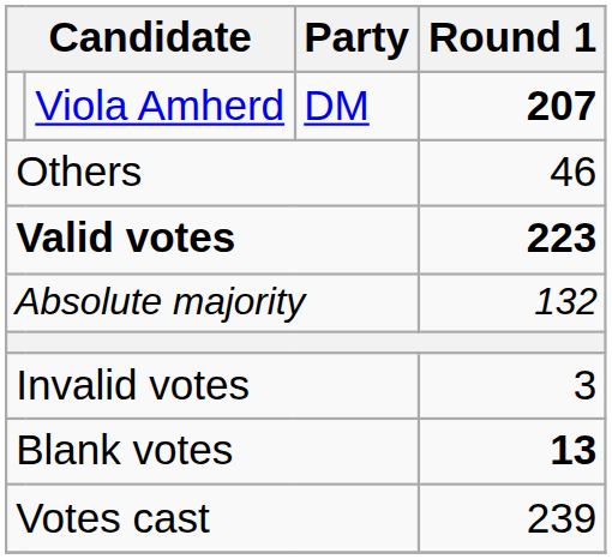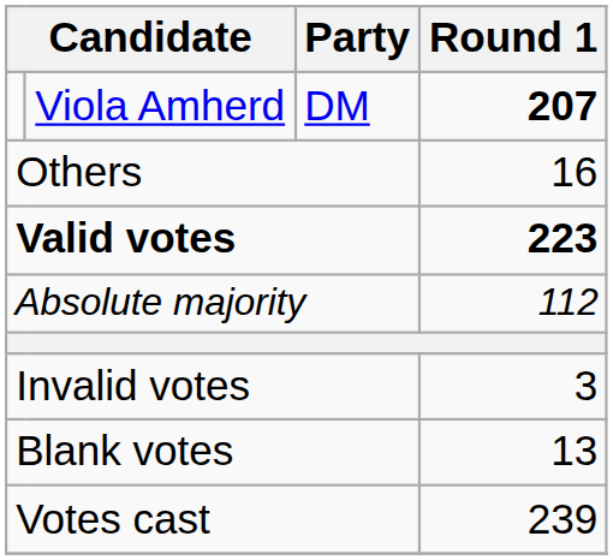 <table class="wikitable" style="text-align:right;">
 <tr>
 <th colspan=2>Candidate</th>
 <th>Party</th>
 <th>Round 1</th>
 </tr>
 <tr>
 <td style="background-color:"></td>
 <td style="text-align:left;"><a href='#'>Viola Amherd</a></td>
 <td style="text-align:left;"><a href='#'>DM</a></td>
 <td><strong>207</strong></td>
 </tr>
 <tr>
 <td colspan=3 style="text-align:left;">Others</td>
-<td>46</td>
+<td>16</td>
 </tr>
 <tr style="font-weight:bold;">
 <td colspan=3 style="text-align:left;">Valid votes</td>
 <td>223</td>
 </tr>
 <tr style="font-style:italic; font-size:90%;">
 <td colspan=3 style="text-align:left;">Absolute majority</td>
-<td>132</td>
+<td>112</td>
 </tr>
 <tr>
 <th colspan=10></th>
 </tr>
 <tr>
 <td colspan=3 style="text-align:left;">Invalid votes</td>
 <td>3</td>
 </tr>
 <tr>
 <td colspan=3 style="text-align:left;">Blank votes</td>
-<td><strong>13</strong></td>
+<td>13</td>
 </tr>
 <tr>
 <td colspan=3 style="text-align:left;">Votes cast</td>
 <td>239</td>
 </tr>
 <tr>
 </tr>
 </table>
